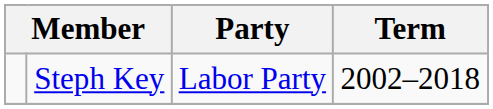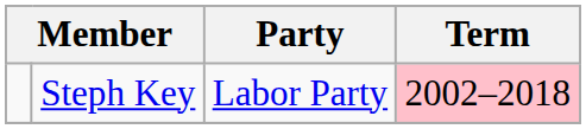 <table class="wikitable">
 <tr>
 <th colspan=2>Member</th>
 <th>Party</th>
 <th>Term</th>
 </tr>
 <tr>
 <td> </td>
 <td><a href='#'>Steph Key</a></td>
 <td><a href='#'>Labor Party</a></td>
-<td>2002–2018</td>
+<td style="background: pink;">2002–2018</td>
 </tr>
 <tr>
 </tr>
 </table>
